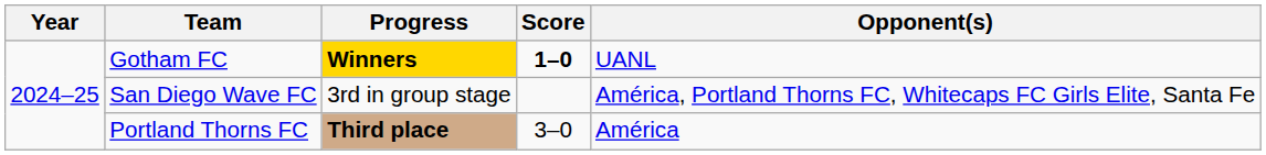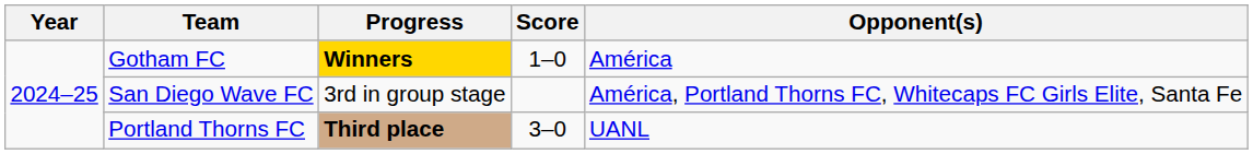 <table class="wikitable">
 <tr>
 <th>Year</th>
 <th>Team</th>
 <th>Progress</th>
 <th>Score</th>
 <th>Opponent(s)</th>
 </tr>
 <tr>
 <td rowspan="3"><a href='#'> 2024–25</a></td>
 <td><a href='#'>Gotham FC</a></td>
 <td bgcolor="gold"><strong>Winners</strong></td>
-<td align="center"><strong>1–0</strong></td>
-<td> <a href='#'>UANL</a></td>
+<td align="center">1–0</td>
+<td> <a href='#'>América</a></td>
 </tr>
 <tr>
 <td><a href='#'>San Diego Wave FC</a></td>
 <td>3rd in group stage</td>
 <td></td>
 <td> <a href='#'>América</a>,  <a href='#'>Portland Thorns FC</a>,  <a href='#'>Whitecaps FC Girls Elite</a>,  Santa Fe</td>
 </tr>
 <tr>
 <td><a href='#'>Portland Thorns FC</a></td>
 <td bgcolor="CFAA88"><strong>Third place</strong></td>
 <td align="center">3–0</td>
-<td> <a href='#'>América</a></td>
+<td> <a href='#'>UANL</a></td>
 </tr>
 </table>
